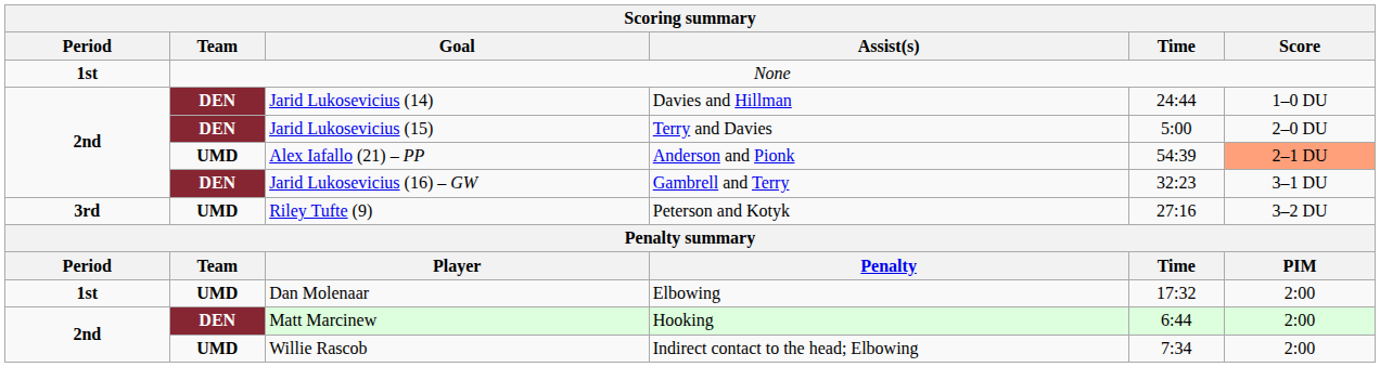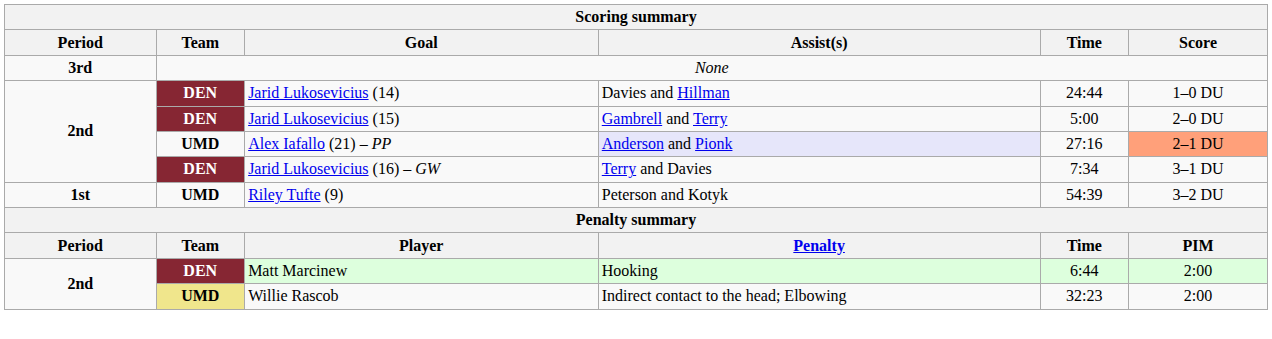 <table style="width:100%;" class="wikitable">
 <tr>
 <th colspan=6>Scoring summary</th>
 </tr>
 <tr>
 <th style="width:12%;">Period</th>
 <th style="width:7%;">Team</th>
 <th style="width:28%;">Goal</th>
 <th style="width:35%;">Assist(s)</th>
 <th style="width:7%;">Time</th>
 <th style="width:11%;">Score</th>
 </tr>
 <tr>
-<td align=center><strong>1st</strong></td>
+<td align=center><strong>3rd</strong></td>
 <td style="text-align:center;" colspan="5"><em>None</em></td>
 </tr>
 <tr>
 <td style="text-align:center;" rowspan="4"><strong>2nd</strong></td>
 <td align=center style="color:white; background:#862633; "><strong>DEN</strong></td>
 <td><a href='#'>Jarid Lukosevicius</a> (14)</td>
 <td>Davies and <a href='#'>Hillman</a></td>
 <td align=center>24:44</td>
 <td align=center>1–0 DU</td>
 </tr>
 <tr>
 <td align=center style="color:white; background:#862633; "><strong>DEN</strong></td>
 <td><a href='#'>Jarid Lukosevicius</a> (15)</td>
-<td><a href='#'>Terry</a> and Davies</td>
+<td><a href='#'>Gambrell</a> and <a href='#'>Terry</a></td>
 <td align=center>5:00</td>
 <td align=center>2–0 DU</td>
 </tr>
 <tr>
 <td align=center><strong>UMD</strong></td>
 <td><a href='#'>Alex Iafallo</a> (21) – <em>PP</em></td>
-<td><a href='#'>Anderson</a> and <a href='#'>Pionk</a></td>
-<td align=center>54:39</td>
+<td style="background: lavender;"><a href='#'>Anderson</a> and <a href='#'>Pionk</a></td>
+<td align=center>27:16</td>
 <td align=center style="background: lightsalmon;">2–1 DU</td>
 </tr>
 <tr>
 <td align=center style="color:white; background:#862633; "><strong>DEN</strong></td>
 <td><a href='#'>Jarid Lukosevicius</a> (16) – <em>GW</em></td>
-<td><a href='#'>Gambrell</a> and <a href='#'>Terry</a></td>
-<td align=center>32:23</td>
+<td><a href='#'>Terry</a> and Davies</td>
+<td align=center>7:34</td>
 <td align=center>3–1 DU</td>
 </tr>
 <tr>
-<td align=center><strong>3rd</strong></td>
+<td align=center><strong>1st</strong></td>
 <td align=center><strong>UMD</strong></td>
 <td><a href='#'>Riley Tufte</a> (9)</td>
 <td>Peterson and Kotyk</td>
-<td align=center>27:16</td>
+<td align=center>54:39</td>
 <td align=center>3–2 DU</td>
 </tr>
 <tr>
 <th colspan=6>Penalty summary</th>
 </tr>
 <tr>
 <th style="width:12%;">Period</th>
 <th style="width:7%;">Team</th>
 <th style="width:28%;">Player</th>
 <th style="width:35%;"><a href='#'>Penalty</a></th>
 <th style="width:7%;">Time</th>
 <th style="width:11%;">PIM</th>
 </tr>
 <tr>
-<td style="text-align:center;" rowspan="1"><strong>1st</strong></td>
-<td align=center><strong>UMD</strong></td>
-<td>Dan Molenaar</td>
-<td>Elbowing</td>
-<td align=center>17:32</td>
-<td align=center>2:00</td>
-</tr>
-<tr>
 <td style="text-align:center;" rowspan="2"><strong>2nd</strong></td>
 <td align=center style="color:white; background:#862633; "><strong>DEN</strong></td>
 <td bgcolor=ddffdd>Matt Marcinew</td>
 <td bgcolor=ddffdd>Hooking</td>
 <td bgcolor=ddffdd align=center>6:44</td>
 <td align=center bgcolor=ddffdd>2:00</td>
 </tr>
 <tr>
-<td align=center><strong>UMD</strong></td>
+<td align=center style="background: khaki;"><strong>UMD</strong></td>
 <td>Willie Rascob</td>
 <td>Indirect contact to the head; Elbowing</td>
-<td align=center>7:34</td>
+<td align=center>32:23</td>
 <td align=center>2:00</td>
 </tr>
 </table>
